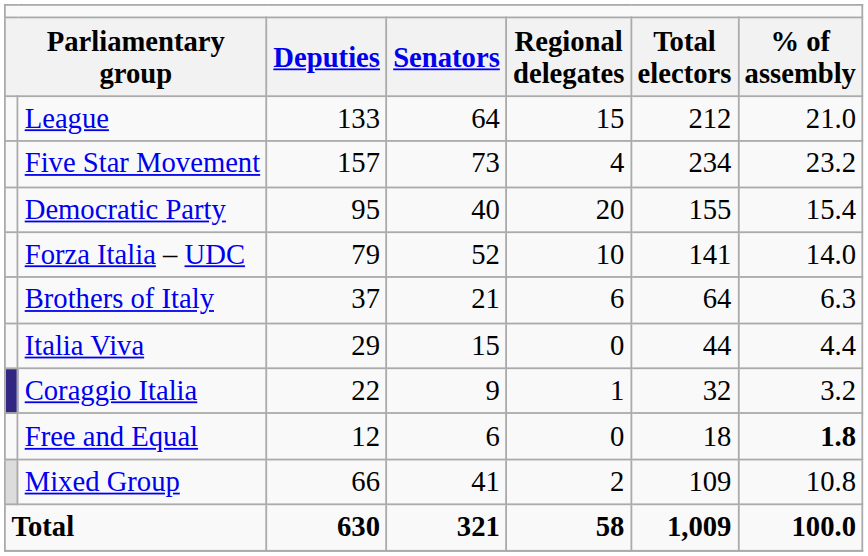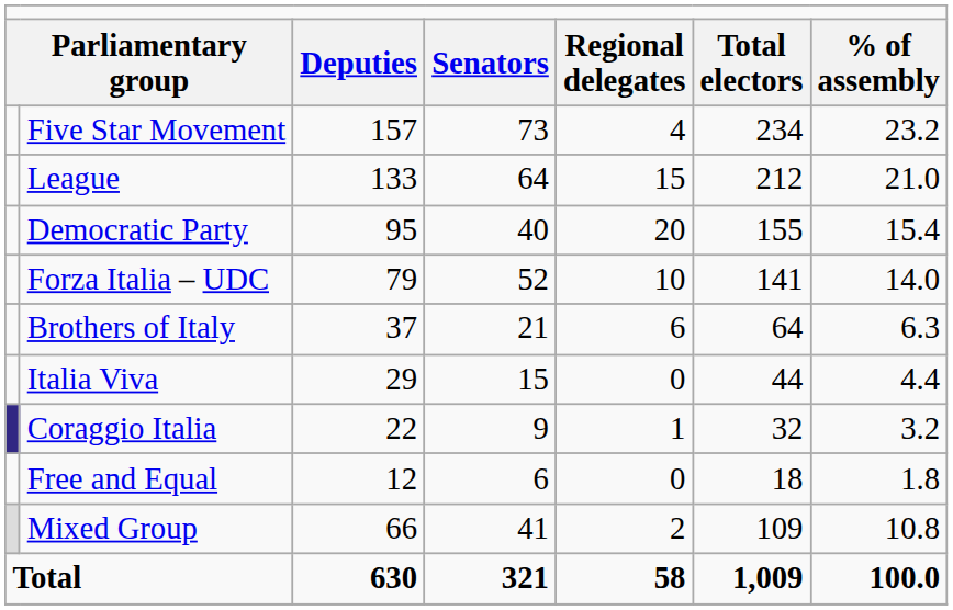 <table class="wikitable" style="text-align:right">
 <tr>
 <td colspan="7" align=center></td>
 </tr>
 <tr>
 <th colspan="2">Parliamentary<br>group</th>
 <th><a href='#'>Deputies</a></th>
 <th><a href='#'>Senators</a></th>
 <th>Regional<br>delegates</th>
 <th>Total<br>electors</th>
 <th>% of<br>assembly</th>
 </tr>
 <tr>
 <td style="background:"></td>
+<td align="left"><a href='#'>Five Star Movement</a></td>
+<td>157</td>
+<td>73</td>
+<td>4</td>
+<td>234</td>
+<td>23.2</td>
+</tr>
+<tr>
+<td style="background:"></td>
 <td align="left"><a href='#'>League</a></td>
 <td>133</td>
 <td>64</td>
 <td>15</td>
 <td>212</td>
 <td>21.0</td>
-</tr>
-<tr>
-<td style="background:"></td>
-<td align="left"><a href='#'>Five Star Movement</a></td>
-<td>157</td>
-<td>73</td>
-<td>4</td>
-<td>234</td>
-<td>23.2</td>
 </tr>
 <tr>
 <td style="background:"></td>
 <td align="left"><a href='#'>Democratic Party</a></td>
 <td>95</td>
 <td>40</td>
 <td>20</td>
 <td>155</td>
 <td>15.4</td>
 </tr>
 <tr>
 <td style="background:"></td>
 <td align="left"><a href='#'>Forza Italia</a> – <a href='#'>UDC</a></td>
 <td>79</td>
 <td>52</td>
 <td>10</td>
 <td>141</td>
 <td>14.0</td>
 </tr>
 <tr>
 <td style="background:"></td>
 <td align="left"><a href='#'>Brothers of Italy</a></td>
 <td>37</td>
 <td>21</td>
 <td>6</td>
 <td>64</td>
 <td>6.3</td>
 </tr>
 <tr>
 <td style="background:"></td>
 <td align="left"><a href='#'>Italia Viva</a></td>
 <td>29</td>
 <td>15</td>
 <td>0</td>
 <td>44</td>
 <td>4.4</td>
 </tr>
 <tr>
 <td style="background:#312783;"></td>
 <td align="left"><a href='#'>Coraggio Italia</a></td>
 <td>22</td>
 <td>9</td>
 <td>1</td>
 <td>32</td>
 <td>3.2</td>
 </tr>
 <tr>
 <td style="background:"></td>
 <td align="left"><a href='#'>Free and Equal</a></td>
 <td>12</td>
 <td>6</td>
 <td>0</td>
 <td>18</td>
-<td><strong>1.8</strong></td>
+<td>1.8</td>
 </tr>
 <tr>
 <td bgcolor=#DCDCDC></td>
 <td align="left"><a href='#'>Mixed Group</a></td>
 <td>66</td>
 <td>41</td>
 <td>2</td>
 <td>109</td>
 <td>10.8</td>
 </tr>
 <tr style="font-weight:bold;">
 <td colspan="2"; align="left";>Total</td>
 <td>630</td>
 <td>321</td>
 <td>58</td>
 <td>1,009</td>
 <td>100.0</td>
 </tr>
 <tr>
 </tr>
 </table>
